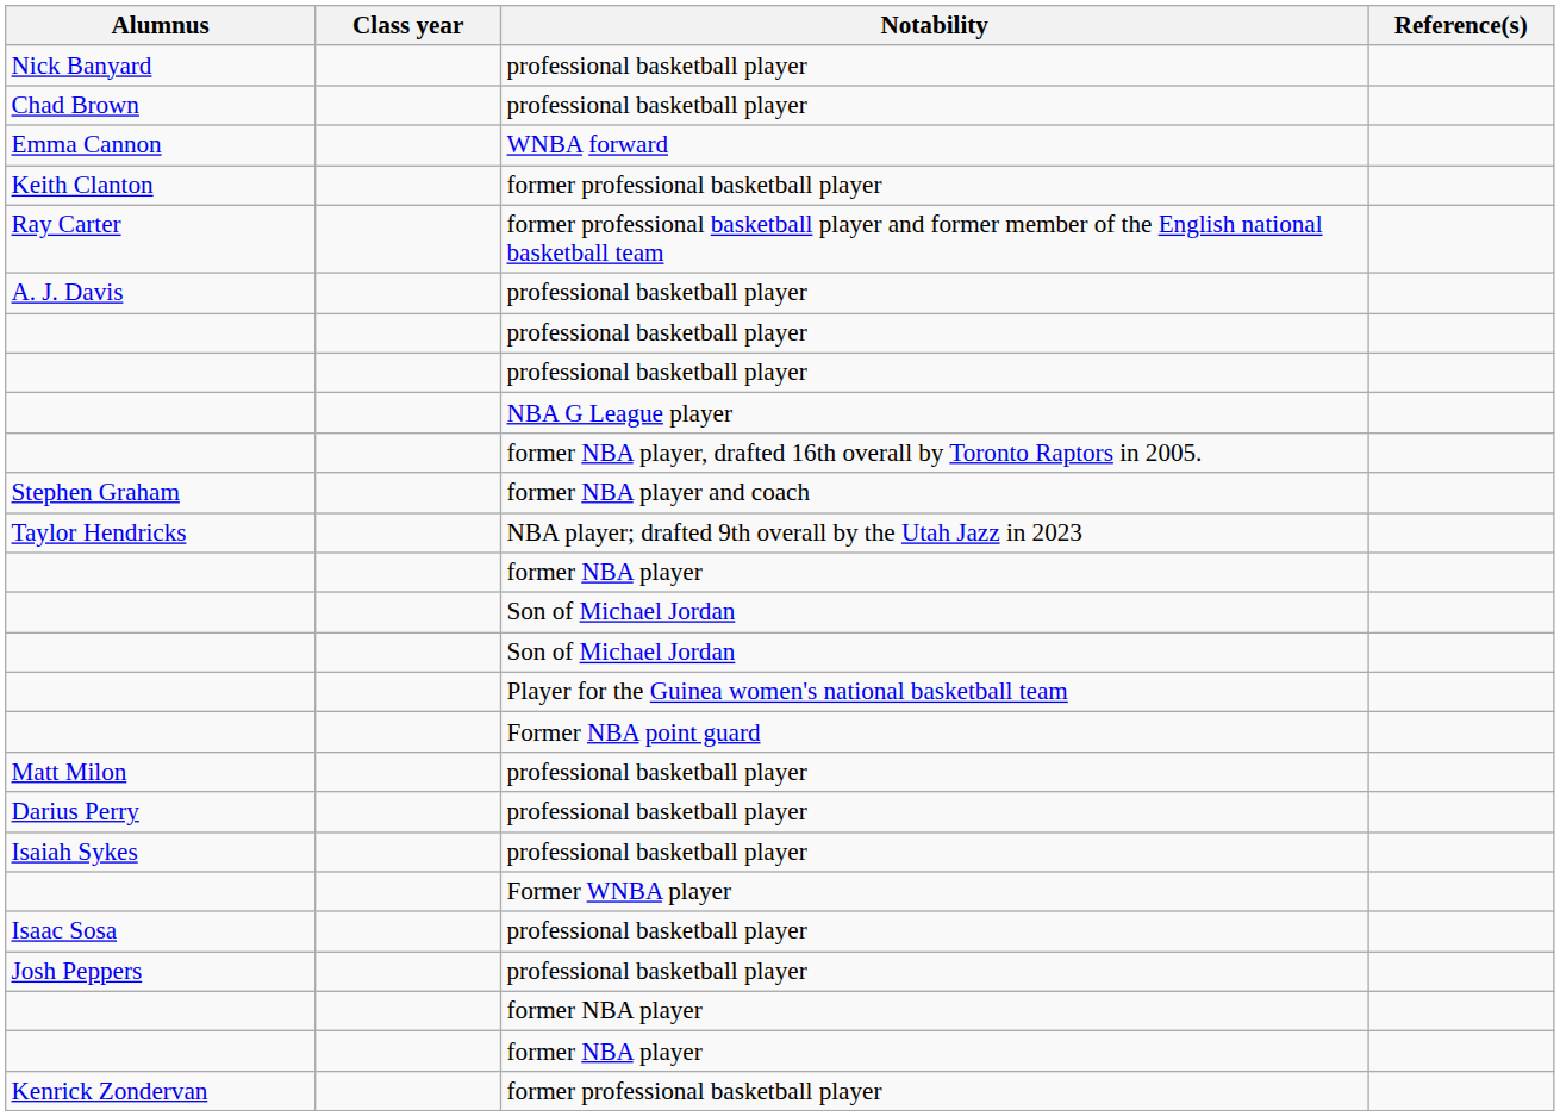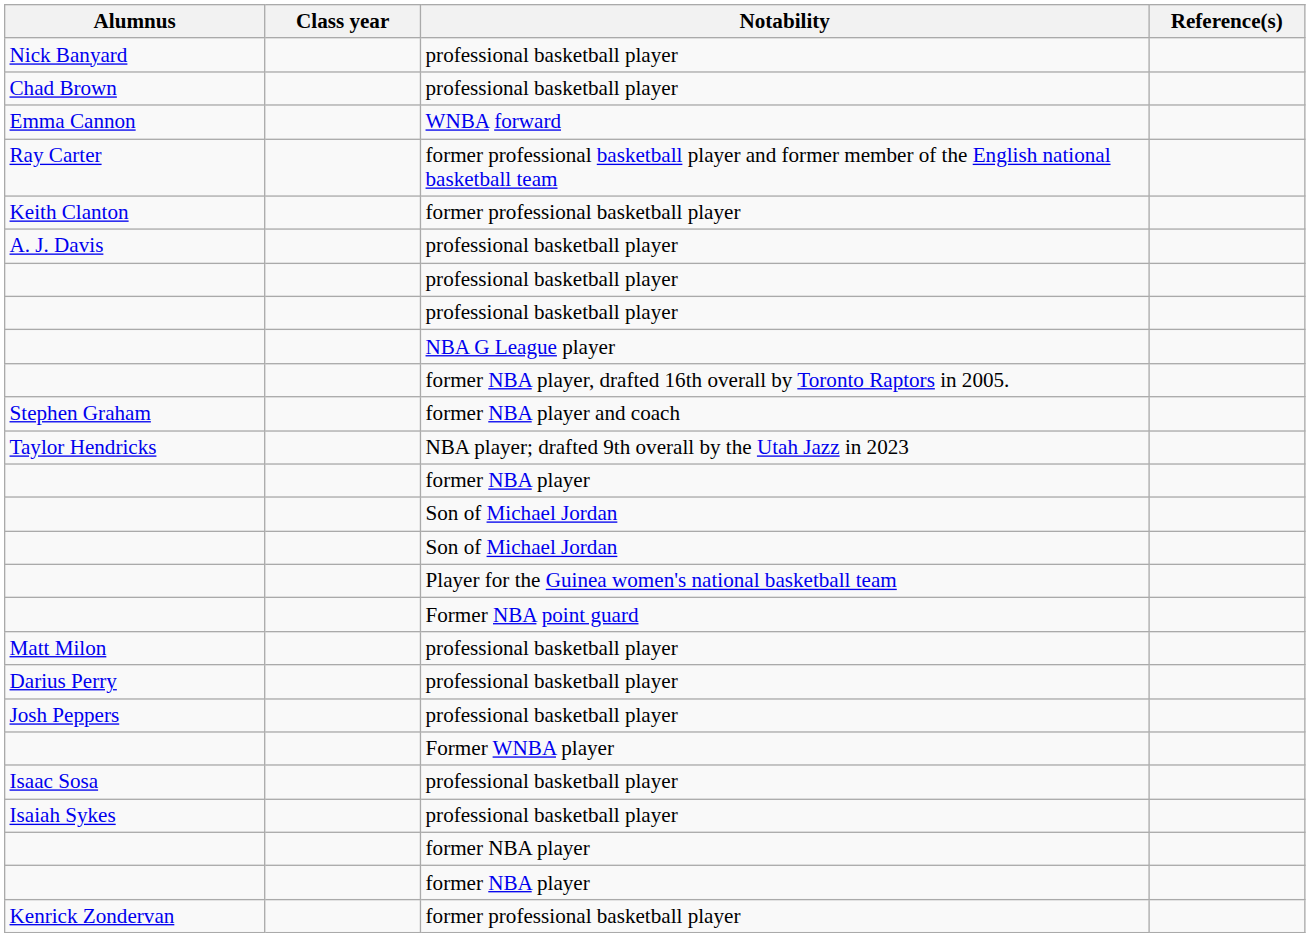 <table class="wikitable sortable" style="width:78%;">
 <tr valign="top">
 <th style="width:20%;">Alumnus</th>
 <th style="width:12%;">Class year</th>
 <th style="width:56%;" class="unsortable">Notability</th>
 <th style="width:12%;" class="unsortable">Reference(s)</th>
 </tr>
 <tr valign="top">
 <td><a href='#'>Nick Banyard</a></td>
 <td></td>
 <td>professional basketball player</td>
 <td></td>
 </tr>
 <tr valign="top">
 <td><a href='#'>Chad Brown</a></td>
 <td></td>
 <td>professional basketball player</td>
 <td></td>
 </tr>
 <tr valign="top">
 <td><a href='#'>Emma Cannon</a></td>
 <td></td>
 <td><a href='#'>WNBA</a> <a href='#'>forward</a></td>
 <td></td>
 </tr>
 <tr valign="top">
+<td><a href='#'>Ray Carter</a></td>
+<td></td>
+<td>former professional <a href='#'>basketball</a> player and former member of the <a href='#'>English national basketball team</a></td>
+<td></td>
+</tr>
+<tr valign="top">
 <td><a href='#'>Keith Clanton</a></td>
 <td></td>
 <td>former professional basketball player</td>
-<td></td>
-</tr>
-<tr valign="top">
-<td><a href='#'>Ray Carter</a></td>
-<td></td>
-<td>former professional <a href='#'>basketball</a> player and former member of the <a href='#'>English national basketball team</a></td>
 <td></td>
 </tr>
 <tr valign="top">
 <td><a href='#'>A. J. Davis</a></td>
 <td></td>
 <td>professional basketball player</td>
 <td></td>
 </tr>
 <tr valign="top">
 <td></td>
 <td></td>
 <td>professional basketball player</td>
 <td></td>
 </tr>
 <tr valign="top">
 <td></td>
 <td></td>
 <td>professional basketball player</td>
 <td></td>
 </tr>
 <tr valign="top">
 <td></td>
 <td></td>
 <td><a href='#'>NBA G League</a> player</td>
 <td></td>
 </tr>
 <tr valign="top">
 <td></td>
 <td data-sort-value="00"></td>
 <td>former <a href='#'>NBA</a> player, drafted 16th overall by <a href='#'>Toronto Raptors</a> in 2005.</td>
 <td></td>
 </tr>
 <tr valign="top">
 <td><a href='#'>Stephen Graham</a></td>
 <td></td>
 <td>former <a href='#'>NBA</a> player and coach</td>
 <td></td>
 </tr>
 <tr valign="top">
 <td><a href='#'>Taylor Hendricks</a></td>
 <td></td>
 <td>NBA player; drafted 9th overall by the <a href='#'>Utah Jazz</a> in 2023</td>
 <td></td>
 </tr>
 <tr valign="top">
 <td></td>
 <td></td>
 <td>former <a href='#'>NBA</a> player</td>
 <td></td>
 </tr>
 <tr valign="top">
 <td></td>
 <td data-sort-value="00"></td>
 <td>Son of <a href='#'>Michael Jordan</a></td>
 <td></td>
 </tr>
 <tr valign="top">
 <td></td>
 <td data-sort-value="00"></td>
 <td>Son of <a href='#'>Michael Jordan</a></td>
 <td></td>
 </tr>
 <tr valign="top">
 <td></td>
 <td></td>
 <td>Player for the <a href='#'>Guinea women's national basketball team</a></td>
 <td></td>
 </tr>
 <tr valign="top">
 <td></td>
 <td></td>
 <td>Former <a href='#'>NBA</a> <a href='#'>point guard</a></td>
 <td></td>
 </tr>
 <tr valign="top">
 <td><a href='#'>Matt Milon</a></td>
 <td></td>
 <td>professional basketball player</td>
 <td></td>
 </tr>
 <tr valign="top">
 <td><a href='#'>Darius Perry</a></td>
 <td></td>
 <td>professional basketball player</td>
 <td></td>
 </tr>
 <tr valign="top">
-<td><a href='#'>Isaiah Sykes</a></td>
+<td><a href='#'>Josh Peppers</a></td>
 <td></td>
 <td>professional basketball player</td>
 <td></td>
 </tr>
 <tr valign="top">
 <td></td>
 <td></td>
 <td>Former <a href='#'>WNBA</a> player</td>
 <td></td>
 </tr>
 <tr valign="top">
 <td><a href='#'>Isaac Sosa</a></td>
 <td></td>
 <td>professional basketball player</td>
 <td></td>
 </tr>
 <tr valign="top">
-<td><a href='#'>Josh Peppers</a></td>
+<td><a href='#'>Isaiah Sykes</a></td>
 <td></td>
 <td>professional basketball player</td>
 <td></td>
 </tr>
 <tr valign="top">
 <td></td>
 <td></td>
 <td>former NBA player</td>
 <td></td>
 </tr>
 <tr valign="top">
 <td></td>
 <td data-sort-value="00"></td>
 <td>former <a href='#'>NBA</a> player</td>
 <td></td>
 </tr>
 <tr valign="top">
 <td><a href='#'>Kenrick Zondervan</a></td>
 <td></td>
 <td>former professional basketball player</td>
 <td></td>
 </tr>
 </table>
